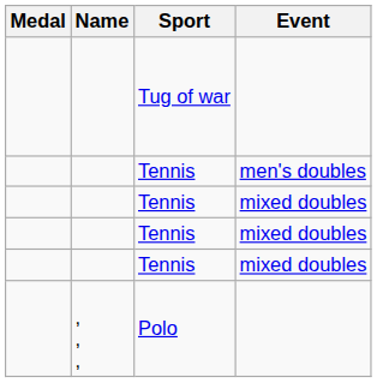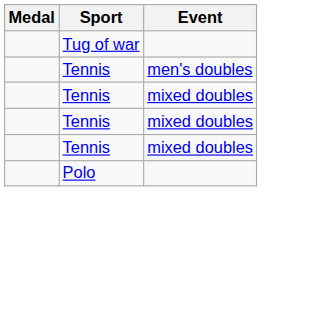 <table class="wikitable sortable" style="font-size:90%">
 <tr>
 <th>Medal</th>
-<th>Name</th>
 <th>Sport</th>
 <th>Event</th>
 </tr>
 <tr>
 <td></td>
-<td> <br> <br> <br> <br> <br></td>
 <td><a href='#'>Tug of war</a></td>
 <td></td>
 </tr>
 <tr>
 <td></td>
-<td> <br></td>
 <td><a href='#'>Tennis</a></td>
 <td><a href='#'>men's doubles</a></td>
 </tr>
 <tr>
 <td></td>
-<td> <br></td>
 <td><a href='#'>Tennis</a></td>
 <td><a href='#'>mixed doubles</a></td>
 </tr>
 <tr>
 <td></td>
-<td> <br></td>
 <td><a href='#'>Tennis</a></td>
 <td><a href='#'>mixed doubles</a></td>
 </tr>
 <tr>
 <td></td>
-<td> <br></td>
 <td><a href='#'>Tennis</a></td>
 <td><a href='#'>mixed doubles</a></td>
 </tr>
 <tr>
 <td></td>
-<td><br>,<br> ,<br> ,<br> </td>
 <td><a href='#'>Polo</a></td>
 <td></td>
 </tr>
 </table>
